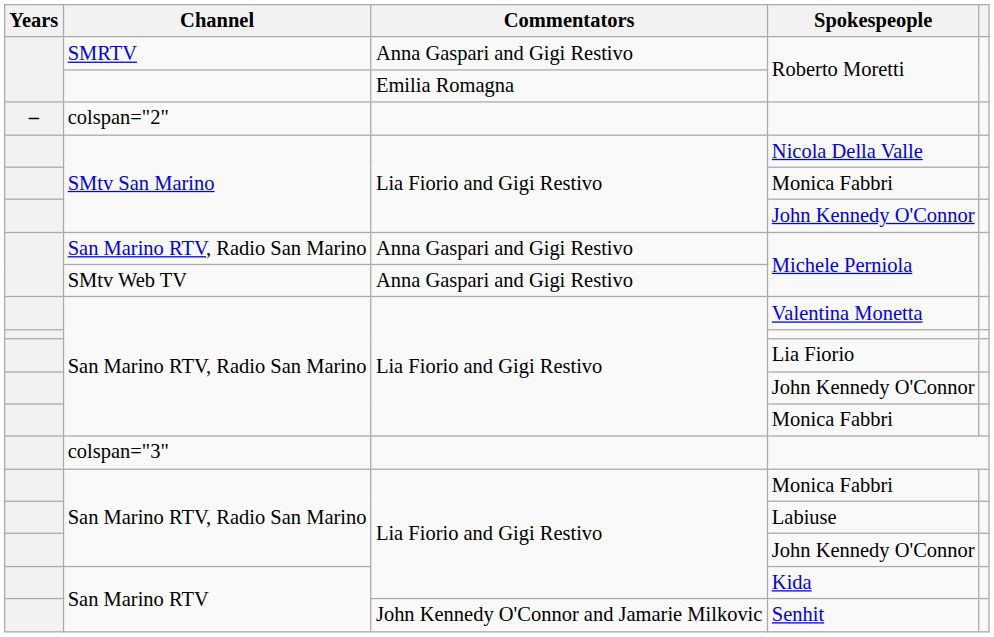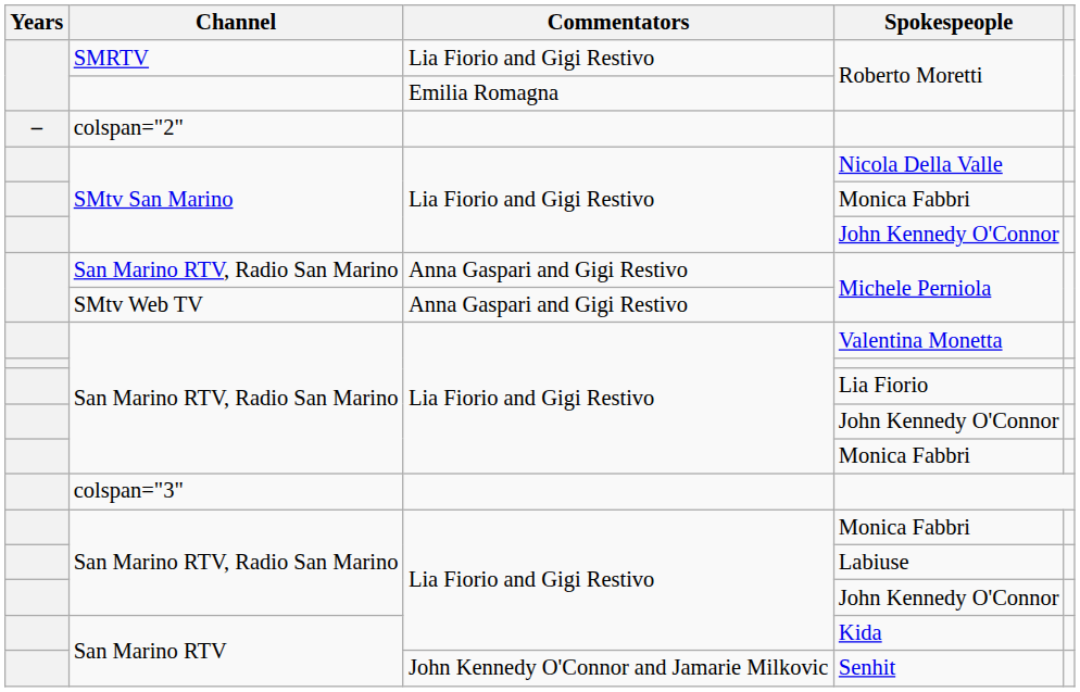 <table class="wikitable plainrowheaders sortable"">
 <tr>
 <th>Years</th>
 <th>Channel</th>
 <th>Commentators</th>
 <th>Spokespeople</th>
 <th class="unsortable"></th>
 </tr>
 <tr>
 <th scope="row" rowspan="2"></th>
 <td><a href='#'>SMRTV</a></td>
-<td>Anna Gaspari and Gigi Restivo</td>
+<td>Lia Fiorio and Gigi Restivo</td>
 <td rowspan="2">Roberto Moretti</td>
 <td rowspan="2"></td>
 </tr>
 <tr>
 <td></td>
 <td>Emilia Romagna</td>
 </tr>
 <tr>
 <th scope="row">–</th>
 <td>colspan="2" </td>
 <td></td>
 <td></td>
 </tr>
 <tr>
 <th scope="row"></th>
 <td rowspan="3"><a href='#'>SMtv San Marino</a></td>
 <td rowspan="3">Lia Fiorio and Gigi Restivo</td>
 <td><a href='#'>Nicola Della Valle</a></td>
 <td></td>
 </tr>
 <tr>
 <th scope="row"></th>
 <td>Monica Fabbri</td>
 <td></td>
 </tr>
 <tr>
 <th scope="row"></th>
 <td><a href='#'>John Kennedy O'Connor</a></td>
 <td></td>
 </tr>
 <tr>
 <th scope="row" rowspan="2"></th>
 <td><a href='#'>San Marino RTV</a>, Radio San Marino</td>
 <td>Anna Gaspari and Gigi Restivo</td>
 <td rowspan="2"><a href='#'>Michele Perniola</a></td>
 <td rowspan="2"></td>
 </tr>
 <tr>
 <td>SMtv Web TV</td>
 <td>Anna Gaspari and Gigi Restivo</td>
 </tr>
 <tr>
 <th scope="row"></th>
 <td rowspan="5">San Marino RTV, Radio San Marino</td>
 <td rowspan="5">Lia Fiorio and Gigi Restivo</td>
 <td><a href='#'>Valentina Monetta</a></td>
 <td></td>
 </tr>
 <tr>
 <th scope="row"></th>
 <td></td>
 <td></td>
 </tr>
 <tr>
 <th scope="row"></th>
 <td>Lia Fiorio</td>
 <td></td>
 </tr>
 <tr>
 <th scope="row"></th>
 <td>John Kennedy O'Connor</td>
 <td></td>
 </tr>
 <tr>
 <th scope="row"></th>
 <td>Monica Fabbri</td>
 <td></td>
 </tr>
 <tr>
 <th scope="row"></th>
 <td>colspan="3" </td>
 <td></td>
 </tr>
 <tr>
 <th scope="row"></th>
 <td rowspan="3">San Marino RTV, Radio San Marino</td>
 <td rowspan="4">Lia Fiorio and Gigi Restivo</td>
 <td>Monica Fabbri</td>
 <td></td>
 </tr>
 <tr>
 <th scope="row"></th>
 <td>Labiuse</td>
 <td></td>
 </tr>
 <tr>
 <th scope="row"></th>
 <td>John Kennedy O'Connor</td>
 <td></td>
 </tr>
 <tr>
 <th scope="row"></th>
 <td rowspan="2">San Marino RTV</td>
 <td><a href='#'>Kida</a></td>
 <td></td>
 </tr>
 <tr>
 <th scope="row"></th>
 <td>John Kennedy O'Connor and Jamarie Milkovic </td>
 <td><a href='#'>Senhit</a></td>
 <td></td>
 </tr>
 </table>
